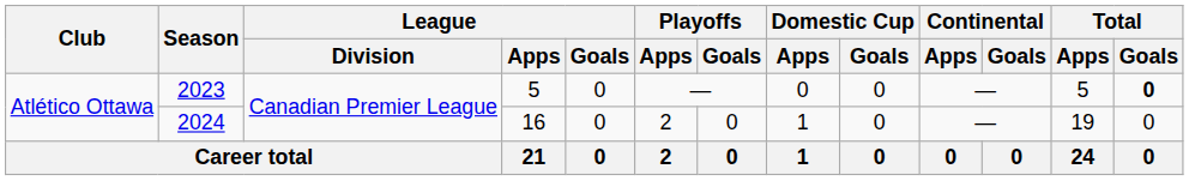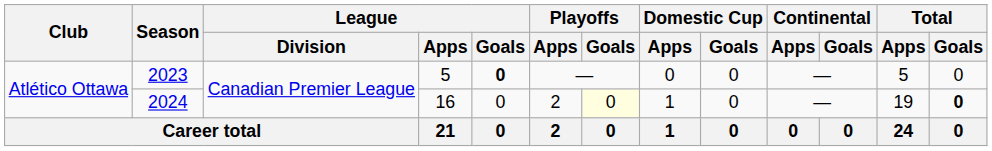 <table class="wikitable" style="text-align: center">
 <tr>
 <th rowspan="2">Club</th>
 <th rowspan="2">Season</th>
 <th colspan="3">League</th>
 <th colspan="2">Playoffs</th>
 <th colspan="2">Domestic Cup</th>
 <th colspan="2">Continental</th>
 <th colspan="2">Total</th>
 </tr>
 <tr>
 <th>Division</th>
 <th>Apps</th>
 <th>Goals</th>
 <th>Apps</th>
 <th>Goals</th>
 <th>Apps</th>
 <th>Goals</th>
 <th>Apps</th>
 <th>Goals</th>
 <th>Apps</th>
 <th>Goals</th>
 </tr>
 <tr>
 <td rowspan=2><a href='#'>Atlético Ottawa</a></td>
 <td><a href='#'>2023</a></td>
 <td rowspan=2><a href='#'>Canadian Premier League</a></td>
 <td>5</td>
-<td>0</td>
+<td><strong>0</strong></td>
 <td colspan="2">—</td>
 <td>0</td>
 <td>0</td>
 <td colspan="2">—</td>
 <td>5</td>
-<td><strong>0</strong></td>
+<td>0</td>
 </tr>
 <tr>
 <td><a href='#'>2024</a></td>
 <td>16</td>
 <td>0</td>
 <td>2</td>
-<td>0</td>
+<td style="background: lightyellow;">0</td>
 <td>1</td>
 <td>0</td>
 <td colspan="2">—</td>
 <td>19</td>
-<td>0</td>
+<td><strong>0</strong></td>
 </tr>
 <tr>
 <th colspan="3"><strong>Career total</strong></th>
 <th>21</th>
 <th>0</th>
 <th>2</th>
 <th>0</th>
 <th>1</th>
 <th>0</th>
 <th>0</th>
 <th>0</th>
 <th>24</th>
 <th>0</th>
 </tr>
 </table>
